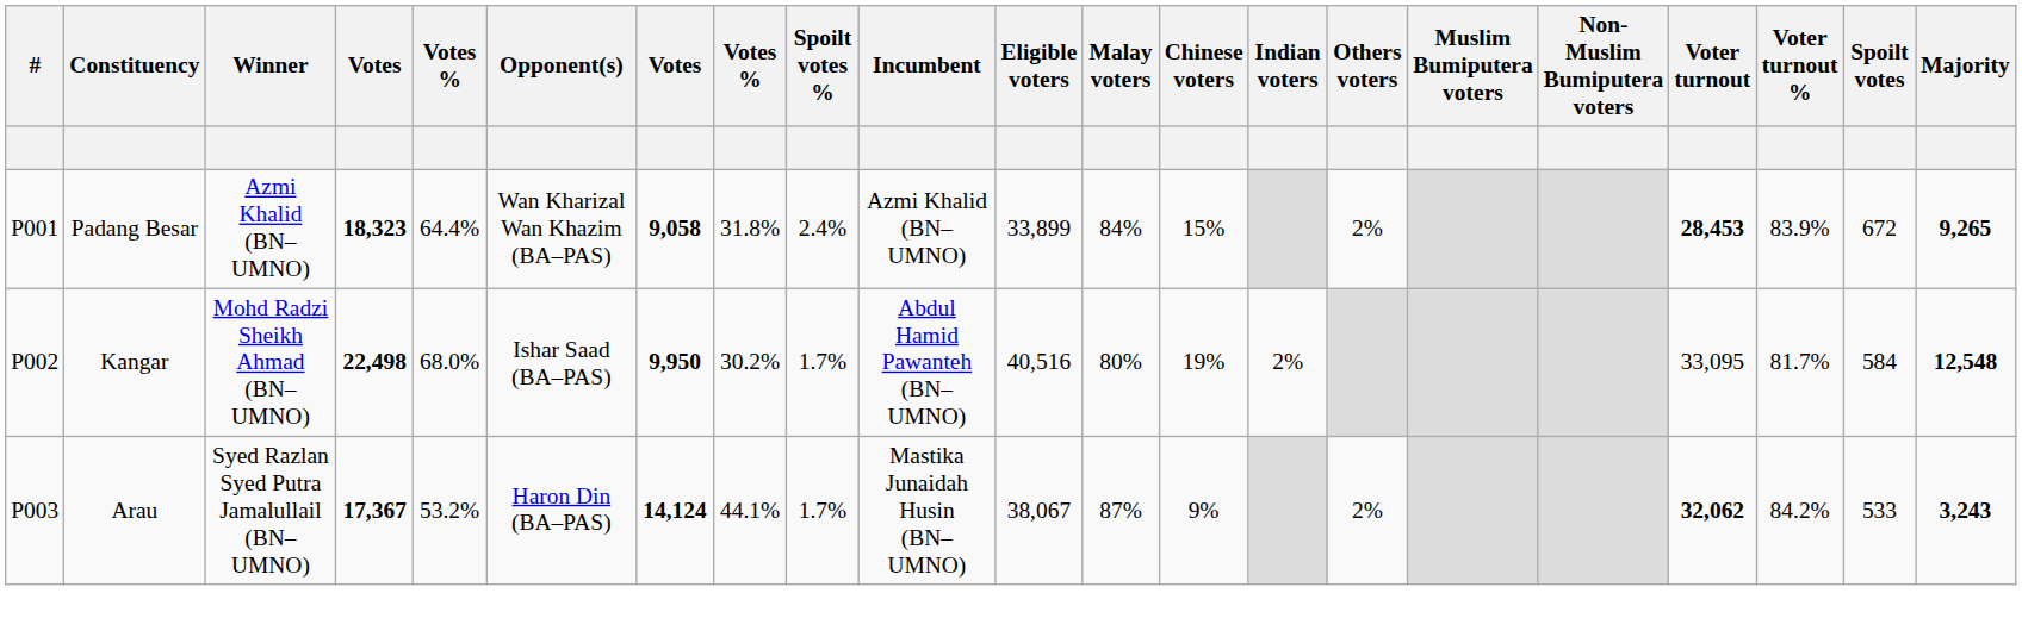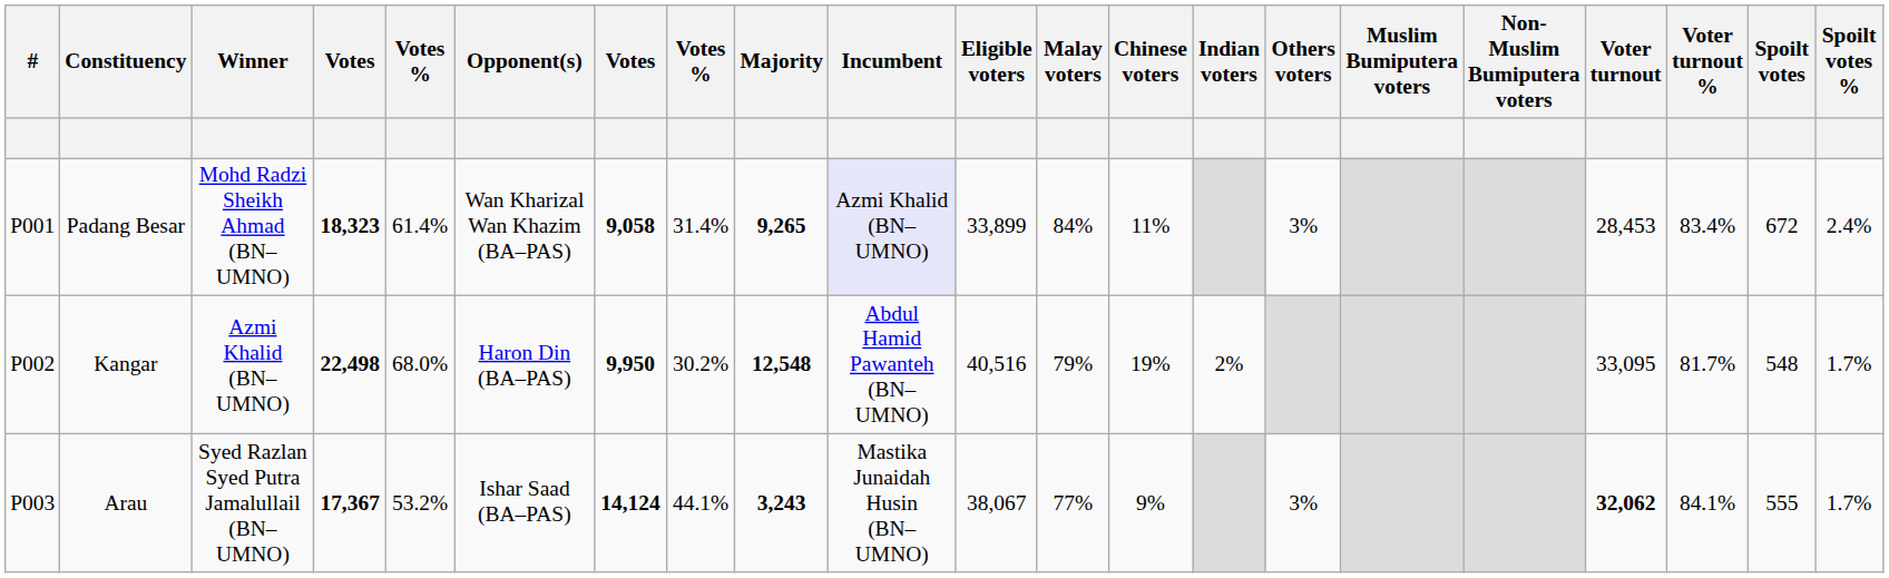 <table class="wikitable sortable" style="text-align:center; font-size:90%">
 <tr>
 <th width="30">#</th>
 <th width="60">Constituency</th>
 <th width="150">Winner</th>
 <th width="50">Votes</th>
 <th width="50">Votes %</th>
 <th width="150">Opponent(s)</th>
 <th width="50">Votes</th>
 <th width="50">Votes %</th>
-<th width="50">Spoilt votes %</th>
+<th width="50">Majority</th>
 <th width="150">Incumbent</th>
 <th width="50">Eligible voters</th>
 <th width="50">Malay voters</th>
 <th width="50">Chinese voters</th>
 <th width="50">Indian voters</th>
 <th width="50">Others voters</th>
 <th width="50">Muslim Bumiputera voters</th>
 <th width="50">Non-Muslim Bumiputera voters</th>
 <th width="50">Voter turnout</th>
 <th width="50">Voter turnout %</th>
 <th width="50">Spoilt votes</th>
-<th width="50">Majority</th>
+<th width="50">Spoilt votes %</th>
 </tr>
 <tr>
 <th height="20"></th>
 <th></th>
 <th></th>
 <th></th>
 <th></th>
 <th></th>
 <th></th>
 <th></th>
 <th></th>
 <th></th>
 <th></th>
 <th></th>
 <th></th>
 <th></th>
 <th></th>
 <th></th>
 <th></th>
 <th></th>
 <th></th>
 <th></th>
 <th></th>
 </tr>
 <tr>
 <td>P001</td>
 <td>Padang Besar</td>
-<td><a href='#'>Azmi Khalid</a><br>(BN–UMNO)</td>
+<td><a href='#'>Mohd Radzi Sheikh Ahmad</a><br>(BN–UMNO)</td>
 <td><strong>18,323</strong></td>
-<td>64.4%</td>
+<td>61.4%</td>
 <td>Wan Kharizal Wan Khazim<br>(BA–PAS)</td>
 <td><strong>9,058</strong></td>
-<td>31.8%</td>
-<td>2.4%</td>
-<td>Azmi Khalid<br>(BN–UMNO)</td>
+<td>31.4%</td>
+<td><strong>9,265</strong></td>
+<td style="background: lavender;">Azmi Khalid<br>(BN–UMNO)</td>
 <td>33,899</td>
 <td>84%</td>
-<td>15%</td>
+<td>11%</td>
 <td bgcolor="dcdcdc"></td>
-<td>2%</td>
+<td>3%</td>
 <td bgcolor="dcdcdc"></td>
 <td bgcolor="dcdcdc"></td>
-<td><strong>28,453</strong></td>
-<td>83.9%</td>
+<td>28,453</td>
+<td>83.4%</td>
 <td>672</td>
-<td><strong>9,265</strong></td>
+<td>2.4%</td>
 </tr>
 <tr>
 <td>P002</td>
 <td>Kangar</td>
-<td><a href='#'>Mohd Radzi Sheikh Ahmad</a><br>(BN–UMNO)</td>
+<td><a href='#'>Azmi Khalid</a><br>(BN–UMNO)</td>
 <td><strong>22,498</strong></td>
 <td>68.0%</td>
-<td>Ishar Saad<br>(BA–PAS)</td>
+<td><a href='#'>Haron Din</a><br>(BA–PAS)</td>
 <td><strong>9,950</strong></td>
 <td>30.2%</td>
-<td>1.7%</td>
+<td><strong>12,548</strong></td>
 <td><a href='#'>Abdul Hamid Pawanteh</a><br>(BN–UMNO)</td>
 <td>40,516</td>
-<td>80%</td>
+<td>79%</td>
 <td>19%</td>
 <td>2%</td>
 <td bgcolor="dcdcdc"></td>
 <td bgcolor="dcdcdc"></td>
 <td bgcolor="dcdcdc"></td>
 <td>33,095</td>
 <td>81.7%</td>
-<td>584</td>
-<td><strong>12,548</strong></td>
+<td>548</td>
+<td>1.7%</td>
 </tr>
 <tr>
 <td>P003</td>
 <td>Arau</td>
 <td>Syed Razlan Syed Putra Jamalullail<br>(BN–UMNO)</td>
 <td><strong>17,367</strong></td>
 <td>53.2%</td>
-<td><a href='#'>Haron Din</a><br>(BA–PAS)</td>
+<td>Ishar Saad<br>(BA–PAS)</td>
 <td><strong>14,124</strong></td>
 <td>44.1%</td>
-<td>1.7%</td>
+<td><strong>3,243</strong></td>
 <td>Mastika Junaidah Husin<br>(BN–UMNO)</td>
 <td>38,067</td>
-<td>87%</td>
+<td>77%</td>
 <td>9%</td>
 <td bgcolor="dcdcdc"></td>
-<td>2%</td>
+<td>3%</td>
 <td bgcolor="dcdcdc"></td>
 <td bgcolor="dcdcdc"></td>
 <td><strong>32,062</strong></td>
-<td>84.2%</td>
-<td>533</td>
-<td><strong>3,243</strong></td>
+<td>84.1%</td>
+<td>555</td>
+<td>1.7%</td>
 </tr>
 </table>
